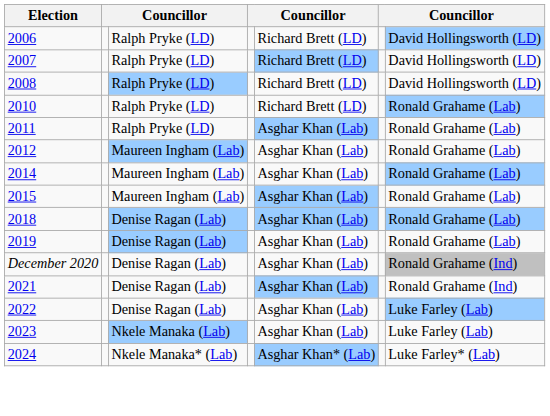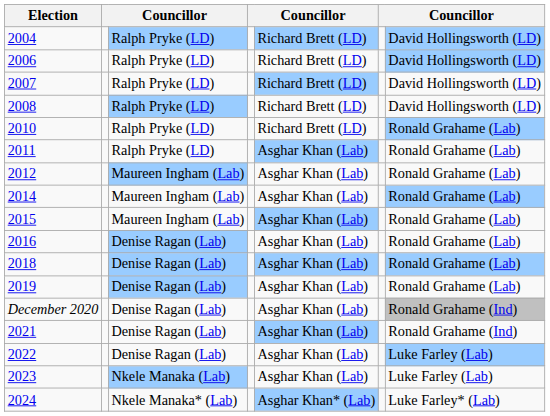 <table class="wikitable">
 <tr>
 <th>Election</th>
 <th colspan="2">Councillor</th>
 <th colspan="2">Councillor</th>
 <th colspan="2">Councillor</th>
+</tr>
+<tr>
+<td><a href='#'>2004</a></td>
+<td style="background-color: "></td>
+<td bgcolor="#99CCFF">Ralph Pryke (<a href='#'>LD</a>)</td>
+<td style="background-color: "></td>
+<td bgcolor="#99CCFF">Richard Brett (<a href='#'>LD</a>)</td>
+<td style="background-color: "></td>
+<td bgcolor="#99CCFF">David Hollingsworth (<a href='#'>LD</a>)</td>
 </tr>
 <tr>
 <td><a href='#'>2006</a></td>
 <td style="background-color: "></td>
 <td>Ralph Pryke (<a href='#'>LD</a>)</td>
 <td style="background-color: "></td>
 <td>Richard Brett (<a href='#'>LD</a>)</td>
 <td style="background-color: "></td>
 <td bgcolor="#99CCFF">David Hollingsworth (<a href='#'>LD</a>)</td>
 </tr>
 <tr>
 <td><a href='#'>2007</a></td>
 <td style="background-color: "></td>
 <td>Ralph Pryke (<a href='#'>LD</a>)</td>
 <td style="background-color: "></td>
 <td bgcolor="#99CCFF">Richard Brett (<a href='#'>LD</a>)</td>
 <td style="background-color: "></td>
 <td>David Hollingsworth (<a href='#'>LD</a>)</td>
 </tr>
 <tr>
 <td><a href='#'>2008</a></td>
 <td style="background-color: "></td>
 <td bgcolor="#99CCFF">Ralph Pryke (<a href='#'>LD</a>)</td>
 <td style="background-color: "></td>
 <td>Richard Brett (<a href='#'>LD</a>)</td>
 <td style="background-color: "></td>
 <td>David Hollingsworth (<a href='#'>LD</a>)</td>
 </tr>
 <tr>
 <td><a href='#'>2010</a></td>
 <td style="background-color: "></td>
 <td>Ralph Pryke (<a href='#'>LD</a>)</td>
 <td style="background-color: "></td>
 <td>Richard Brett (<a href='#'>LD</a>)</td>
 <td style="background-color: "></td>
 <td bgcolor="#99CCFF">Ronald Grahame (<a href='#'>Lab</a>)</td>
 </tr>
 <tr>
 <td><a href='#'>2011</a></td>
 <td style="background-color: "></td>
 <td>Ralph Pryke (<a href='#'>LD</a>)</td>
 <td style="background-color: "></td>
 <td bgcolor="#99CCFF">Asghar Khan (<a href='#'>Lab</a>)</td>
 <td style="background-color: "></td>
 <td>Ronald Grahame (<a href='#'>Lab</a>)</td>
 </tr>
 <tr>
 <td><a href='#'>2012</a></td>
 <td style="background-color: "></td>
 <td bgcolor="#99CCFF">Maureen Ingham (<a href='#'>Lab</a>)</td>
 <td style="background-color: "></td>
 <td>Asghar Khan (<a href='#'>Lab</a>)</td>
 <td style="background-color: "></td>
 <td>Ronald Grahame (<a href='#'>Lab</a>)</td>
 </tr>
 <tr>
 <td><a href='#'>2014</a></td>
 <td style="background-color: "></td>
 <td>Maureen Ingham (<a href='#'>Lab</a>)</td>
 <td style="background-color: "></td>
 <td>Asghar Khan (<a href='#'>Lab</a>)</td>
 <td style="background-color: "></td>
 <td bgcolor="#99CCFF">Ronald Grahame (<a href='#'>Lab</a>)</td>
 </tr>
 <tr>
 <td><a href='#'>2015</a></td>
 <td style="background-color: "></td>
 <td>Maureen Ingham (<a href='#'>Lab</a>)</td>
 <td style="background-color: "></td>
 <td bgcolor="#99CCFF">Asghar Khan (<a href='#'>Lab</a>)</td>
 <td style="background-color: "></td>
 <td>Ronald Grahame (<a href='#'>Lab</a>)</td>
 </tr>
 <tr>
+<td><a href='#'>2016</a></td>
+<td style="background-color: "></td>
+<td bgcolor="#99CCFF">Denise Ragan (<a href='#'>Lab</a>)</td>
+<td style="background-color: "></td>
+<td>Asghar Khan (<a href='#'>Lab</a>)</td>
+<td style="background-color: "></td>
+<td>Ronald Grahame (<a href='#'>Lab</a>)</td>
+</tr>
+<tr>
 <td><a href='#'>2018</a></td>
 <td style="background-color: "></td>
 <td bgcolor="#99CCFF">Denise Ragan (<a href='#'>Lab</a>)</td>
 <td style="background-color: "></td>
 <td bgcolor="#99CCFF">Asghar Khan (<a href='#'>Lab</a>)</td>
 <td style="background-color: "></td>
 <td bgcolor="#99CCFF">Ronald Grahame (<a href='#'>Lab</a>)</td>
 </tr>
 <tr>
 <td><a href='#'>2019</a></td>
 <td style="background-color: "></td>
 <td bgcolor="#99CCFF">Denise Ragan (<a href='#'>Lab</a>)</td>
 <td style="background-color: "></td>
 <td>Asghar Khan (<a href='#'>Lab</a>)</td>
 <td style="background-color: "></td>
 <td>Ronald Grahame (<a href='#'>Lab</a>)</td>
 </tr>
 <tr>
 <td><em>December 2020</em></td>
 <td style="background-color: "></td>
 <td>Denise Ragan (<a href='#'>Lab</a>)</td>
 <td style="background-color: "></td>
 <td>Asghar Khan (<a href='#'>Lab</a>)</td>
 <td style="background-color: "></td>
 <td bgcolor="#C0C0C0">Ronald Grahame (<a href='#'>Ind</a>)<br></td>
 </tr>
 <tr>
 <td><a href='#'>2021</a></td>
 <td style="background-color: "></td>
 <td>Denise Ragan (<a href='#'>Lab</a>)</td>
 <td style="background-color: "></td>
 <td bgcolor="#99CCFF">Asghar Khan (<a href='#'>Lab</a>)</td>
 <td style="background-color: "></td>
 <td>Ronald Grahame (<a href='#'>Ind</a>)</td>
 </tr>
 <tr>
 <td><a href='#'>2022</a></td>
 <td style="background-color: "></td>
 <td>Denise Ragan (<a href='#'>Lab</a>)</td>
 <td style="background-color: "></td>
 <td>Asghar Khan (<a href='#'>Lab</a>)</td>
 <td style="background-color: "></td>
 <td bgcolor="#99CCFF">Luke Farley (<a href='#'>Lab</a>)</td>
 </tr>
 <tr>
 <td><a href='#'>2023</a></td>
 <td style="background-color: "></td>
 <td bgcolor="#99CCFF">Nkele Manaka (<a href='#'>Lab</a>)</td>
 <td style="background-color: "></td>
 <td>Asghar Khan (<a href='#'>Lab</a>)</td>
 <td style="background-color: "></td>
 <td>Luke Farley (<a href='#'>Lab</a>)</td>
 </tr>
 <tr>
 <td><a href='#'>2024</a></td>
 <td style="background-color: "></td>
 <td>Nkele Manaka* (<a href='#'>Lab</a>)</td>
 <td style="background-color: "></td>
 <td bgcolor="#99CCFF">Asghar Khan* (<a href='#'>Lab</a>)</td>
 <td style="background-color: "></td>
 <td>Luke Farley* (<a href='#'>Lab</a>)</td>
 </tr>
 </table>
